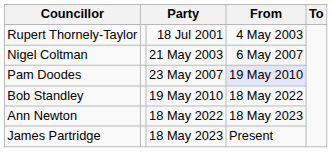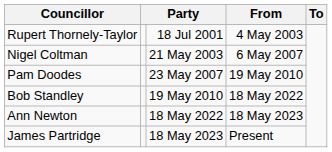 <table class=wikitable>
 <tr>
 <th>Councillor</th>
 <th colspan=2>Party</th>
 <th>From</th>
 <th>To</th>
 </tr>
 <tr>
 <td>Rupert Thornely-Taylor</td>
 <td></td>
 <td align=right>18 Jul 2001</td>
 <td align=right>4 May 2003</td>
 </tr>
 <tr>
 <td>Nigel Coltman</td>
 <td></td>
 <td align=right>21 May 2003</td>
 <td align=right>6 May 2007</td>
 </tr>
 <tr>
 <td>Pam Doodes</td>
 <td></td>
 <td align=right>23 May 2007</td>
-<td align=right style="background: lavender;">19 May 2010</td>
+<td align=right>19 May 2010</td>
 </tr>
 <tr>
 <td>Bob Standley</td>
 <td></td>
 <td align=right>19 May 2010</td>
 <td align=right>18 May 2022</td>
 </tr>
 <tr>
 <td>Ann Newton</td>
 <td></td>
 <td align=right>18 May 2022</td>
 <td>18 May 2023</td>
 </tr>
 <tr>
 <td>James Partridge</td>
 <td></td>
 <td align=right>18 May 2023</td>
 <td>Present</td>
 </tr>
 </table>
